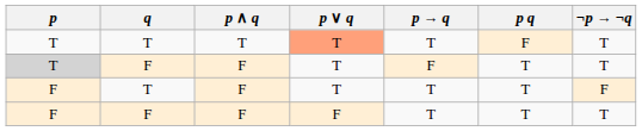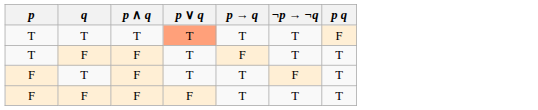 <table class="wikitable" style="margin:1em; text-align:center;">
 <tr>
 <th style="width:15%"><em>p</em></th>
 <th style="width:15%"><em>q</em></th>
 <th style="width:15%"><em>p</em> ∧ <em>q</em></th>
 <th style="width:15%"><em>p</em> ∨ <em>q</em></th>
 <th style="width:15%"><em>p</em> → <em>q</em></th>
+<th style="width:15%"><em>¬p</em> → <em>¬q</em></th>
 <th style="width:15%"><em>p</em> <em>q</em></th>
-<th style="width:15%"><em>¬p</em> → <em>¬q</em></th>
 </tr>
 <tr>
 <td>T</td>
 <td>T</td>
 <td>T</td>
 <td style="background: lightsalmon;">T</td>
 <td>T</td>
+<td>T</td>
 <td style="background:papayawhip">F</td>
-<td>T</td>
 </tr>
 <tr>
-<td style="background: lightgrey;">T</td>
+<td>T</td>
 <td style="background:papayawhip">F</td>
 <td style="background:papayawhip">F</td>
 <td>T</td>
 <td style="background:papayawhip">F</td>
 <td>T</td>
 <td>T</td>
 </tr>
 <tr>
 <td style="background:papayawhip">F</td>
 <td>T</td>
 <td style="background:papayawhip">F</td>
 <td>T</td>
 <td>T</td>
+<td style="background:papayawhip">F</td>
 <td>T</td>
-<td style="background:papayawhip">F</td>
 </tr>
 <tr>
 <td style="background:papayawhip">F</td>
 <td style="background:papayawhip">F</td>
 <td style="background:papayawhip">F</td>
 <td style="background:papayawhip">F</td>
 <td>T</td>
 <td>T</td>
 <td>T</td>
 </tr>
 </table>
